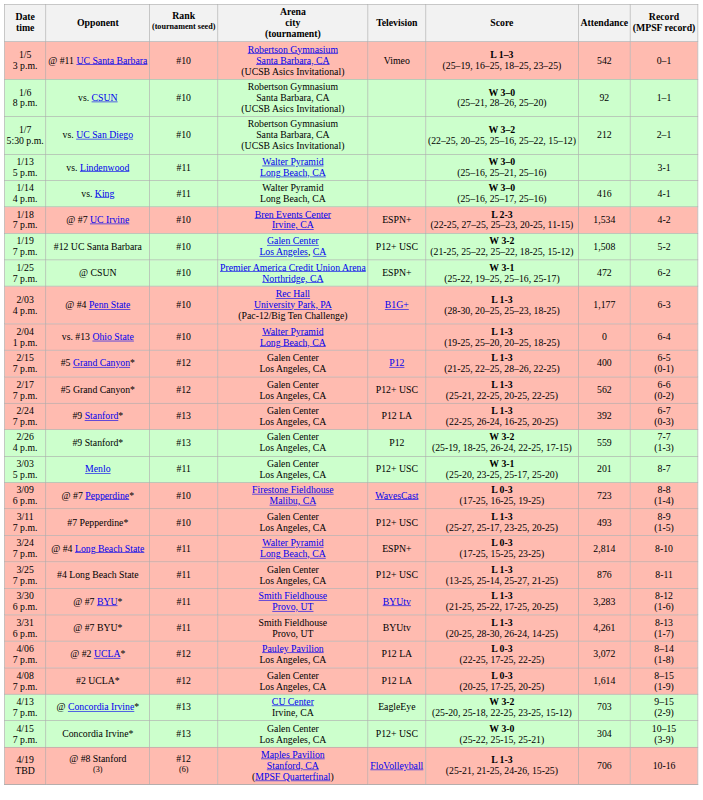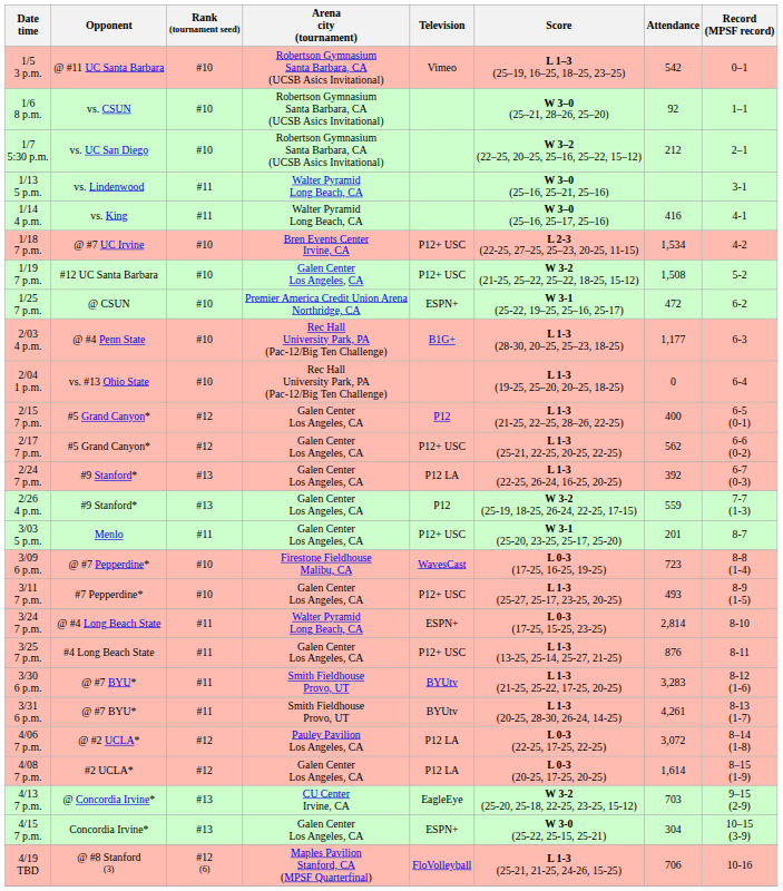 <table class="wikitable sortable" style="width:90%">
 <tr>
 <th>Date<br>time</th>
 <th>Opponent</th>
 <th>Rank<br><sup>(tournament seed)</sup></th>
 <th>Arena<br>city<br>(tournament)</th>
 <th>Television</th>
 <th>Score</th>
 <th>Attendance</th>
 <th>Record<br>(MPSF record)</th>
 </tr>
 <tr style="text-align:center" bgcolor="#ffbbb">
 <td>1/5<br>3 p.m.</td>
 <td>@ #11 <a href='#'>UC Santa Barbara</a></td>
 <td>#10</td>
 <td><a href='#'>Robertson Gymnasium</a><br><a href='#'>Santa Barbara, CA</a><br>(UCSB Asics Invitational)</td>
 <td>Vimeo</td>
 <td><strong>L 1–3</strong><br>(25–19, 16–25, 18–25, 23–25)</td>
 <td>542</td>
 <td>0–1</td>
 </tr>
 <tr style="text-align:center;background:#ccffcc">
 <td>1/6<br>8 p.m.</td>
 <td>vs. <a href='#'>CSUN</a></td>
 <td>#10</td>
 <td>Robertson Gymnasium<br>Santa Barbara, CA<br>(UCSB Asics Invitational)</td>
 <td></td>
 <td><strong>W 3–0</strong><br>(25–21, 28–26, 25–20)</td>
 <td>92</td>
 <td>1–1</td>
 </tr>
 <tr style="text-align:center;background:#ccffcc">
 <td>1/7<br>5:30 p.m.</td>
 <td>vs. <a href='#'>UC San Diego</a></td>
 <td>#10</td>
 <td>Robertson Gymnasium<br>Santa Barbara, CA<br>(UCSB Asics Invitational)</td>
 <td></td>
 <td><strong>W 3–2</strong><br>(22–25, 20–25, 25–16, 25–22, 15–12)</td>
 <td>212</td>
 <td>2–1</td>
 </tr>
 <tr style="text-align:center;background:#ccffcc">
 <td>1/13<br>5 p.m.</td>
 <td>vs. <a href='#'>Lindenwood</a></td>
 <td>#11</td>
 <td><a href='#'>Walter Pyramid</a><br><a href='#'>Long Beach, CA</a></td>
 <td></td>
 <td><strong>W 3–0</strong><br>(25–16, 25–21, 25–16)</td>
 <td></td>
 <td>3-1</td>
 </tr>
 <tr style="text-align:center;background:#ccffcc">
 <td>1/14<br>4 p.m.</td>
 <td>vs. <a href='#'>King</a></td>
 <td>#11</td>
 <td>Walter Pyramid<br>Long Beach, CA</td>
 <td></td>
 <td><strong>W 3–0</strong><br>(25–16, 25–17, 25–16)</td>
 <td>416</td>
 <td>4-1</td>
 </tr>
 <tr style="text-align:center" bgcolor="#ffbbb">
 <td>1/18<br>7 p.m.</td>
 <td>@ #7 <a href='#'>UC Irvine</a></td>
 <td>#10</td>
 <td><a href='#'>Bren Events Center</a><br><a href='#'>Irvine, CA</a></td>
-<td>ESPN+</td>
+<td>P12+ USC</td>
 <td><strong>L 2-3</strong><br>(22-25, 27–25, 25–23, 20-25, 11-15)</td>
 <td>1,534</td>
 <td>4-2</td>
 </tr>
 <tr style="text-align:center;background:#ccffcc">
 <td>1/19<br>7 p.m.</td>
 <td>#12 UC Santa Barbara</td>
 <td>#10</td>
 <td><a href='#'>Galen Center</a><br><a href='#'>Los Angeles</a>, <a href='#'>CA</a></td>
 <td>P12+ USC</td>
 <td><strong>W 3-2</strong><br>(21-25, 25–22, 25–22, 18-25, 15-12)</td>
 <td>1,508</td>
 <td>5-2</td>
 </tr>
 <tr style="text-align:center;background:#ccffcc">
 <td>1/25<br>7 p.m.</td>
 <td>@ CSUN</td>
 <td>#10</td>
 <td><a href='#'>Premier America Credit Union Arena</a><br><a href='#'>Northridge, CA</a></td>
 <td>ESPN+</td>
 <td><strong>W 3-1</strong><br>(25-22, 19–25, 25–16, 25-17)</td>
 <td>472</td>
 <td>6-2</td>
 </tr>
 <tr style="text-align:center" bgcolor="#ffbbb">
 <td>2/03<br>4 p.m.</td>
 <td>@ #4 <a href='#'>Penn State</a></td>
 <td>#10</td>
 <td><a href='#'>Rec Hall</a><br><a href='#'>University Park, PA</a><br>(Pac-12/Big Ten Challenge)</td>
 <td><a href='#'>B1G+</a></td>
 <td><strong>L 1-3</strong><br>(28-30, 20–25, 25–23, 18-25)</td>
 <td>1,177</td>
 <td>6-3</td>
 </tr>
 <tr style="text-align:center" bgcolor="#ffbbb">
 <td>2/04<br>1 p.m.</td>
 <td>vs. #13 <a href='#'>Ohio State</a></td>
 <td>#10</td>
-<td><a href='#'>Walter Pyramid</a><br><a href='#'>Long Beach, CA</a></td>
+<td>Rec Hall<br>University Park, PA<br>(Pac-12/Big Ten Challenge)</td>
 <td></td>
 <td><strong>L 1-3</strong><br>(19-25, 25–20, 20–25, 18-25)</td>
 <td>0</td>
 <td>6-4</td>
 </tr>
 <tr style="text-align:center" bgcolor="#ffbbb">
 <td>2/15<br>7 p.m.</td>
 <td>#5 <a href='#'>Grand Canyon</a>*</td>
 <td>#12</td>
 <td>Galen Center<br>Los Angeles, CA</td>
 <td><a href='#'>P12</a></td>
 <td><strong>L 1-3</strong><br>(21-25, 22–25, 28–26, 22-25)</td>
 <td>400</td>
 <td>6-5<br>(0-1)</td>
 </tr>
 <tr style="text-align:center" bgcolor="#ffbbb">
 <td>2/17<br>7 p.m.</td>
 <td>#5 Grand Canyon*</td>
 <td>#12</td>
 <td>Galen Center<br>Los Angeles, CA</td>
 <td>P12+ USC</td>
 <td><strong>L 1-3</strong><br>(25-21, 22-25, 20-25, 22-25)</td>
 <td>562</td>
 <td>6-6<br>(0-2)</td>
 </tr>
 <tr style="text-align:center" bgcolor="#ffbbb">
 <td>2/24<br>7 p.m.</td>
 <td>#9 <a href='#'>Stanford</a>*</td>
 <td>#13</td>
 <td>Galen Center<br>Los Angeles, CA</td>
 <td>P12 LA</td>
 <td><strong>L 1-3</strong><br>(22-25, 26-24, 16-25, 20-25)</td>
 <td>392</td>
 <td>6-7<br>(0-3)</td>
 </tr>
 <tr style="text-align:center;background:#ccffcc">
 <td>2/26<br>4 p.m.</td>
 <td>#9 Stanford*</td>
 <td>#13</td>
 <td>Galen Center<br>Los Angeles, CA</td>
 <td>P12</td>
 <td><strong>W 3-2</strong><br>(25-19, 18-25, 26-24, 22-25, 17-15)</td>
 <td>559</td>
 <td>7-7<br>(1-3)</td>
 </tr>
 <tr style="text-align:center;background:#ccffcc">
 <td>3/03<br>5 p.m.</td>
 <td><a href='#'>Menlo</a></td>
 <td>#11</td>
 <td>Galen Center<br>Los Angeles, CA</td>
 <td>P12+ USC</td>
 <td><strong>W 3-1</strong><br>(25-20, 23-25, 25-17, 25-20)</td>
 <td>201</td>
 <td>8-7</td>
 </tr>
 <tr style="text-align:center" bgcolor="#ffbbb">
 <td>3/09<br>6 p.m.</td>
 <td>@ #7 <a href='#'>Pepperdine</a>*</td>
 <td>#10</td>
 <td><a href='#'>Firestone Fieldhouse</a><br><a href='#'>Malibu, CA</a></td>
 <td><a href='#'>WavesCast</a></td>
 <td><strong>L 0-3</strong><br>(17-25, 16-25, 19-25)</td>
 <td>723</td>
 <td>8-8<br>(1-4)</td>
 </tr>
 <tr style="text-align:center" bgcolor="#ffbbb">
 <td>3/11<br>7 p.m.</td>
 <td>#7 Pepperdine*</td>
 <td>#10</td>
 <td>Galen Center<br>Los Angeles, CA</td>
 <td>P12+ USC</td>
 <td><strong>L 1-3</strong><br>(25-27, 25-17, 23-25, 20-25)</td>
 <td>493</td>
 <td>8-9<br>(1-5)</td>
 </tr>
 <tr style="text-align:center" bgcolor="#ffbbb">
 <td>3/24<br>7 p.m.</td>
 <td>@ #4 <a href='#'>Long Beach State</a></td>
 <td>#11</td>
 <td><a href='#'>Walter Pyramid</a><br><a href='#'>Long Beach, CA</a></td>
 <td>ESPN+</td>
 <td><strong>L 0-3</strong><br>(17-25, 15-25, 23-25)</td>
 <td>2,814</td>
 <td>8-10</td>
 </tr>
 <tr style="text-align:center" bgcolor="#ffbbb">
 <td>3/25<br>7 p.m.</td>
 <td>#4 Long Beach State</td>
 <td>#11</td>
 <td>Galen Center<br>Los Angeles, CA</td>
 <td>P12+ USC</td>
 <td><strong>L 1-3</strong><br>(13-25, 25-14, 25-27, 21-25)</td>
 <td>876</td>
 <td>8-11</td>
 </tr>
 <tr style="text-align:center" bgcolor="#ffbbb">
 <td>3/30<br>6 p.m.</td>
 <td>@ #7 <a href='#'>BYU</a>*</td>
 <td>#11</td>
 <td><a href='#'>Smith Fieldhouse</a><br><a href='#'>Provo, UT</a></td>
 <td><a href='#'>BYUtv</a></td>
 <td><strong>L 1-3</strong><br>(21-25, 25-22, 17-25, 20-25)</td>
 <td>3,283</td>
 <td>8-12<br>(1-6)</td>
 </tr>
 <tr style="text-align:center" bgcolor="#ffbbb">
 <td>3/31<br>6 p.m.</td>
 <td>@ #7 BYU*</td>
 <td>#11</td>
 <td>Smith Fieldhouse<br>Provo, UT</td>
 <td>BYUtv</td>
 <td><strong>L 1-3</strong><br>(20-25, 28-30, 26-24, 14-25)</td>
 <td>4,261</td>
 <td>8-13<br>(1-7)</td>
 </tr>
 <tr style="text-align:center" bgcolor="#ffbbb">
 <td>4/06<br>7 p.m.</td>
 <td>@ #2 <a href='#'>UCLA</a>*</td>
 <td>#12</td>
 <td><a href='#'>Pauley Pavilion</a><br>Los Angeles, CA</td>
 <td>P12 LA</td>
 <td><strong>L 0-3</strong><br>(22-25, 17-25, 22-25)</td>
 <td>3,072</td>
 <td>8–14<br>(1-8)</td>
 </tr>
 <tr style="text-align:center" bgcolor="#ffbbb">
 <td>4/08<br>7 p.m.</td>
 <td>#2 UCLA*</td>
 <td>#12</td>
 <td>Galen Center<br>Los Angeles, CA</td>
 <td>P12 LA</td>
 <td><strong>L 0-3</strong><br>(20-25, 17-25, 20-25)</td>
 <td>1,614</td>
 <td>8–15<br>(1-9)</td>
 </tr>
 <tr style="text-align:center;background:#ccffcc">
 <td>4/13<br>7 p.m.</td>
 <td>@ <a href='#'>Concordia Irvine</a>*</td>
 <td>#13</td>
 <td><a href='#'>CU Center</a><br>Irvine, CA</td>
 <td>EagleEye</td>
 <td><strong>W 3-2</strong><br>(25-20, 25-18, 22-25, 23-25, 15-12)</td>
 <td>703</td>
 <td>9–15<br>(2-9)</td>
 </tr>
 <tr style="text-align:center;background:#ccffcc">
 <td>4/15<br>7 p.m.</td>
 <td>Concordia Irvine*</td>
 <td>#13</td>
 <td>Galen Center<br>Los Angeles, CA</td>
-<td>P12+ USC</td>
+<td>ESPN+</td>
 <td><strong>W 3-0</strong><br>(25-22, 25-15, 25-21)</td>
 <td>304</td>
 <td>10–15<br>(3-9)</td>
 </tr>
 <tr style="text-align:center" bgcolor="#ffbbb">
 <td>4/19<br>TBD</td>
 <td>@ #8 Stanford<br><sup>(3)</sup></td>
 <td>#12<br><sup>(6)</sup></td>
 <td><a href='#'>Maples Pavilion</a><br><a href='#'>Stanford, CA</a><br>(<a href='#'>MPSF Quarterfinal</a>)</td>
 <td><a href='#'>FloVolleyball</a></td>
 <td><strong>L 1-3</strong><br>(25-21, 21-25, 24-26, 15-25)</td>
 <td>706</td>
 <td>10-16</td>
 </tr>
 <tr>
 </tr>
 </table>
